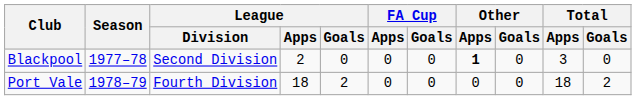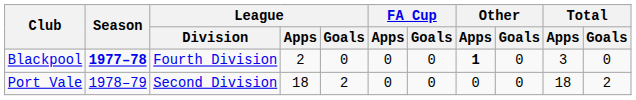 <table class="wikitable" style="text-align:center">
 <tr>
 <th rowspan="2">Club</th>
 <th rowspan="2">Season</th>
 <th colspan="3">League</th>
 <th colspan="2"><a href='#'>FA Cup</a></th>
 <th colspan="2">Other</th>
 <th colspan="2">Total</th>
 </tr>
 <tr>
 <th>Division</th>
 <th>Apps</th>
 <th>Goals</th>
 <th>Apps</th>
 <th>Goals</th>
 <th>Apps</th>
 <th>Goals</th>
 <th>Apps</th>
 <th>Goals</th>
 </tr>
 <tr>
 <td><a href='#'>Blackpool</a></td>
-<td><a href='#'>1977–78</a></td>
-<td><a href='#'>Second Division</a></td>
+<td><strong><a href='#'>1977–78</a></strong></td>
+<td><a href='#'>Fourth Division</a></td>
 <td>2</td>
 <td>0</td>
 <td>0</td>
 <td>0</td>
 <td><strong>1</strong></td>
 <td>0</td>
 <td>3</td>
 <td>0</td>
 </tr>
 <tr>
 <td><a href='#'>Port Vale</a></td>
 <td><a href='#'>1978–79</a></td>
-<td><a href='#'>Fourth Division</a></td>
+<td><a href='#'>Second Division</a></td>
 <td>18</td>
 <td>2</td>
 <td>0</td>
 <td>0</td>
 <td>0</td>
 <td>0</td>
 <td>18</td>
 <td>2</td>
 </tr>
 </table>
